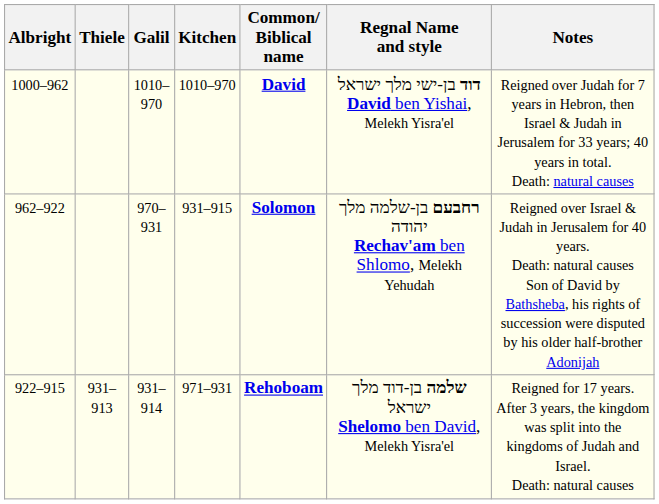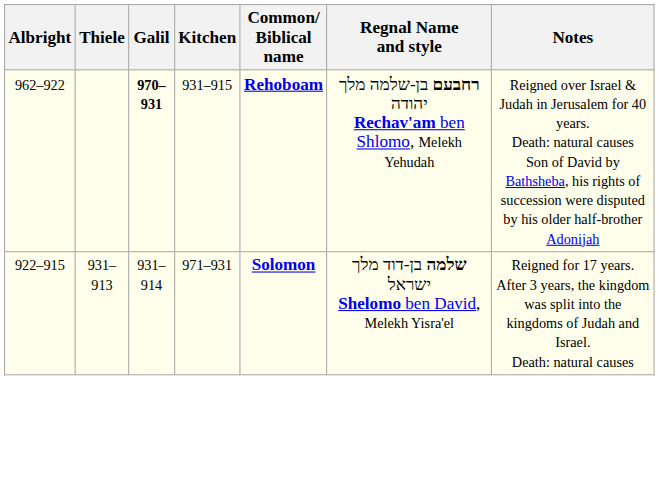 <table class="wikitable" style="align: center;">
 <tr>
 <th style="width:7%;">Albright</th>
 <th style="width:7%;">Thiele</th>
 <th style="width:7%;">Galil</th>
 <th style="width:7%;">Kitchen</th>
 <th>Common/<br>Biblical<br>name</th>
 <th>Regnal Name<br>and style</th>
 <th style="width:25%;">Notes</th>
 </tr>
 <tr style="background:#ffffec; vertical-align:top; text-align:center;">
-<td><small>1000–962</small></td>
-<td> </td>
-<td><small>1010–970</small></td>
-<td><small>1010–970</small></td>
-<td><strong><a href='#'>David</a></strong></td>
-<td><strong>דוד</strong> בן-ישי מלך ישראל<br><a href='#'><strong>David</strong> ben Yishai</a>,  <small>Melekh Yisra'el</small></td>
-<td><small>Reigned over Judah for 7 years in Hebron, then Israel & Judah in Jerusalem for 33 years; 40 years in total.<br> Death: <a href='#'>natural causes</a></small></td>
-</tr>
-<tr style="background:#ffffec; vertical-align:top; text-align:center;">
 <td><small>962–922</small></td>
 <td> </td>
-<td><small>970–931</small></td>
+<td><strong><small>970–931</small></strong></td>
 <td><small>931–915</small></td>
-<td><strong><a href='#'>Solomon</a></strong></td>
+<td><strong><a href='#'>Rehoboam</a></strong></td>
 <td><strong>רחבעם</strong> בן-שלמה מלך יהודה<br><a href='#'><strong>Rechav'am</strong> ben Shlomo</a>, <small>Melekh Yehudah</small></td>
 <td><small>Reigned over Israel & Judah in Jerusalem for 40 years.<br> Death: natural causes</small><br> <small>Son of David by <a href='#'>Bathsheba</a>, his rights of succession were disputed by his older half-brother <a href='#'>Adonijah</a></small></td>
 </tr>
 <tr style="background:#ffffec; vertical-align:top; text-align:center;">
 <td><small>922–915</small></td>
 <td><small>931–913</small></td>
 <td><small>931–914</small></td>
 <td><small>971–931</small></td>
-<td><strong><a href='#'>Rehoboam</a></strong></td>
+<td><strong><a href='#'>Solomon</a></strong></td>
 <td><strong>שלמה</strong> בן-דוד מלך ישראל<br><a href='#'><strong>Shelomo</strong> ben David</a>,  <small>Melekh Yisra'el</small></td>
 <td><small>Reigned for 17 years. After 3 years, the kingdom was split into the kingdoms of Judah and Israel.<br> Death: natural causes</small></td>
 </tr>
 </table>
